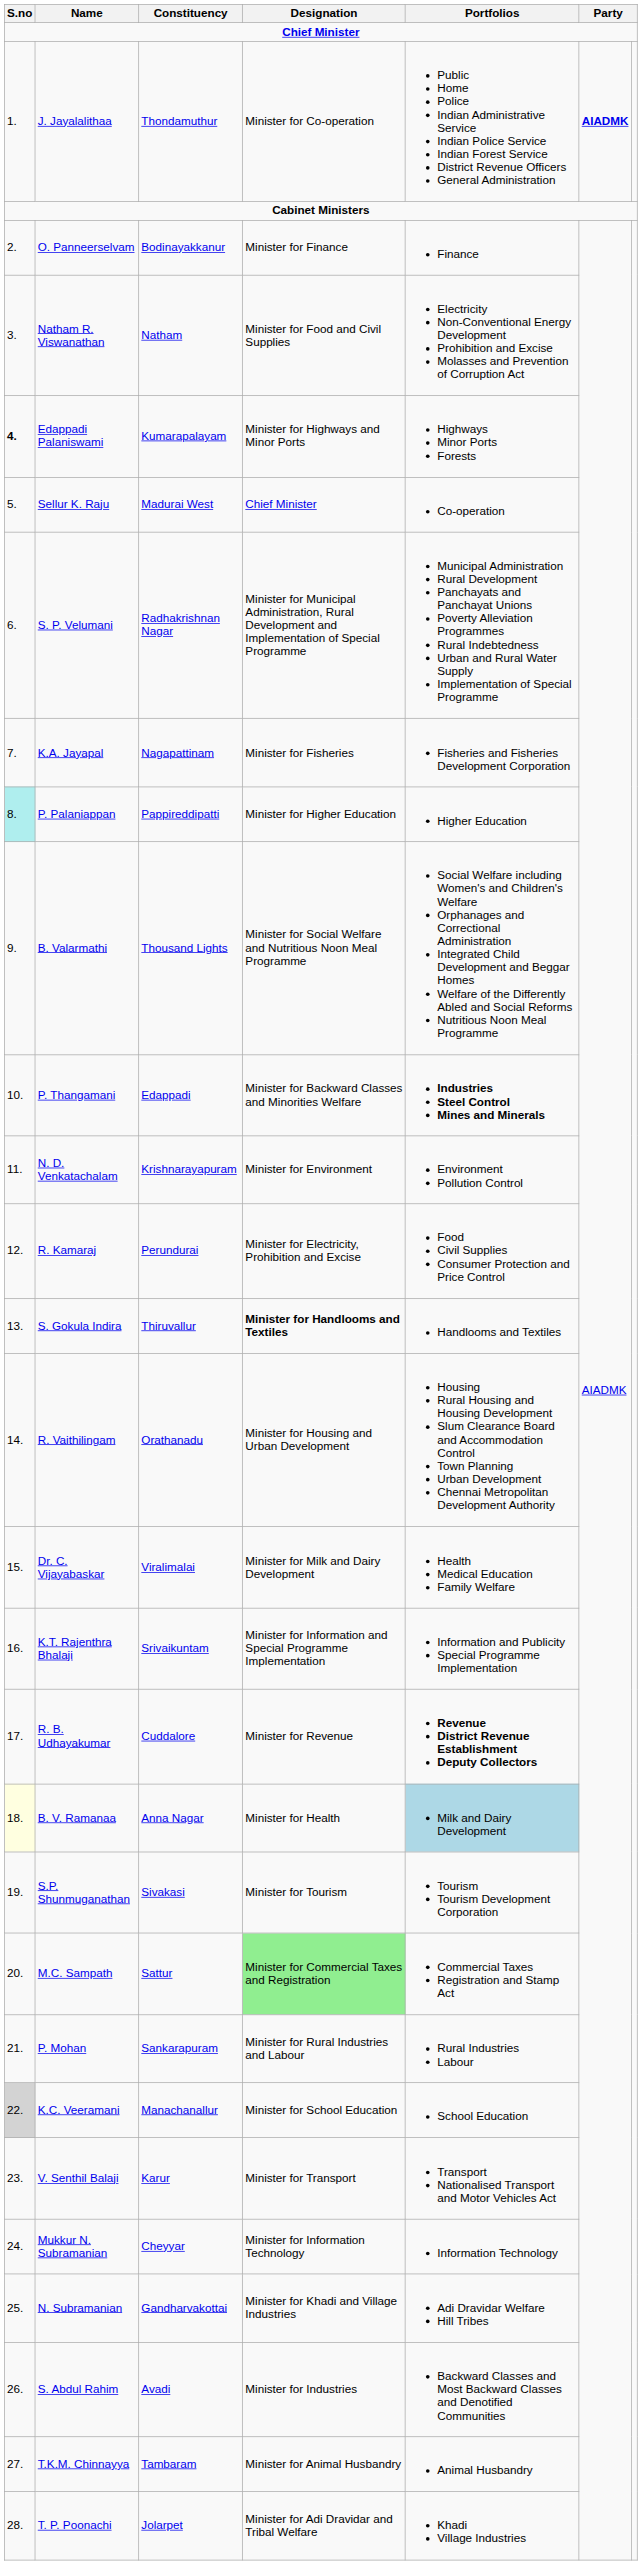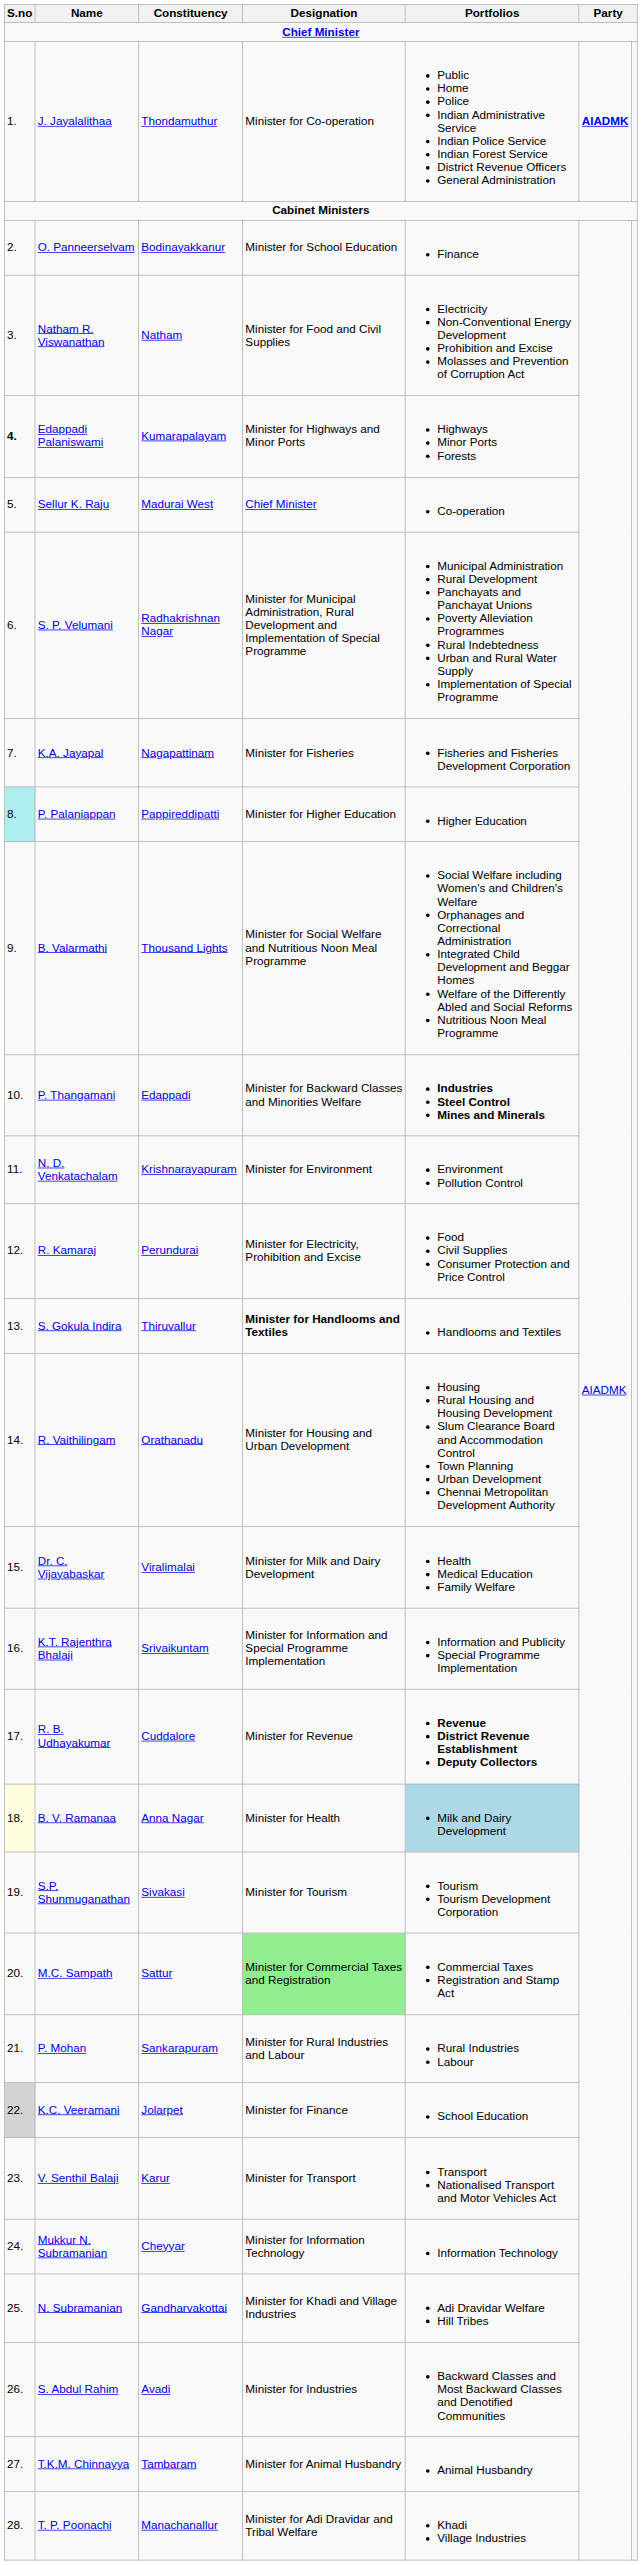 <table class="wikitable">
 <tr>
 <th>S.no</th>
 <th>Name</th>
 <th>Constituency</th>
 <th>Designation</th>
 <th>Portfolios</th>
 <th colspan="2" scope="col">Party</th>
 </tr>
 <tr>
 <td colspan="7" style="text-align: center;"><strong><a href='#'>Chief Minister</a></strong></td>
 </tr>
 <tr>
 <td>1.</td>
 <td><a href='#'>J. Jayalalithaa</a></td>
 <td><a href='#'>Thondamuthur</a></td>
 <td>Minister for Co-operation</td>
 <td><br><ul><li>Public</li><li>Home</li><li>Police</li><li>Indian Administrative Service</li><li>Indian Police Service</li><li>Indian Forest Service</li><li>District Revenue Officers</li><li>General Administration</li></ul></td>
 <td><strong><a href='#'>AIADMK</a></strong></td>
 <td width="1px" style="background-color: "></td>
 </tr>
 <tr>
 <td colspan="7" style="text-align: center;"><strong>Cabinet Ministers</strong></td>
 </tr>
 <tr>
 <td>2.</td>
 <td><a href='#'>O. Panneerselvam</a></td>
 <td><a href='#'>Bodinayakkanur</a></td>
-<td>Minister for Finance</td>
+<td>Minister for School Education</td>
 <td><br><ul><li>Finance</li></ul></td>
 <td rowspan="32"><a href='#'>AIADMK</a></td>
 <td rowspan="32" width="1px" style="background-color: "></td>
 </tr>
 <tr>
 <td>3.</td>
 <td><a href='#'>Natham R. Viswanathan</a></td>
 <td><a href='#'>Natham</a></td>
 <td>Minister for Food and Civil Supplies</td>
 <td><br><ul><li>Electricity</li><li>Non-Conventional Energy Development</li><li>Prohibition and Excise</li><li>Molasses and Prevention of Corruption Act</li></ul></td>
 </tr>
 <tr>
 <td><strong>4.</strong></td>
 <td><a href='#'>Edappadi Palaniswami</a></td>
 <td><a href='#'>Kumarapalayam</a></td>
 <td>Minister for Highways and Minor Ports</td>
 <td><br><ul><li>Highways</li><li>Minor Ports</li><li>Forests</li></ul></td>
 </tr>
 <tr>
 <td>5.</td>
 <td><a href='#'>Sellur K. Raju</a></td>
 <td><a href='#'>Madurai West</a></td>
 <td><a href='#'>Chief Minister</a></td>
 <td><br><ul><li>Co-operation</li></ul></td>
 </tr>
 <tr>
 <td>6.</td>
 <td><a href='#'>S. P. Velumani</a></td>
 <td><a href='#'>Radhakrishnan Nagar</a></td>
 <td>Minister for Municipal Administration, Rural Development and Implementation of Special Programme</td>
 <td><br><ul><li>Municipal Administration</li><li>Rural Development</li><li>Panchayats and Panchayat Unions</li><li>Poverty Alleviation Programmes</li><li>Rural Indebtedness</li><li>Urban and Rural Water Supply</li><li>Implementation of Special Programme</li></ul></td>
 </tr>
 <tr>
 <td>7.</td>
 <td><a href='#'>K.A. Jayapal</a></td>
 <td><a href='#'>Nagapattinam</a></td>
 <td>Minister for Fisheries</td>
 <td><br><ul><li>Fisheries and Fisheries Development Corporation</li></ul></td>
 </tr>
 <tr>
 <td style="background: paleturquoise;">8.</td>
 <td><a href='#'>P. Palaniappan</a></td>
 <td><a href='#'>Pappireddipatti</a></td>
 <td>Minister for Higher Education</td>
 <td><br><ul><li>Higher Education</li></ul></td>
 </tr>
 <tr>
 <td>9.</td>
 <td><a href='#'>B. Valarmathi</a></td>
 <td><a href='#'>Thousand Lights</a></td>
 <td>Minister for Social Welfare and Nutritious Noon Meal Programme</td>
 <td><br><ul><li>Social Welfare including Women's and Children's Welfare</li><li>Orphanages and Correctional Administration</li><li>Integrated Child Development and Beggar Homes</li><li>Welfare of the Differently Abled and Social Reforms</li><li>Nutritious Noon Meal Programme</li></ul></td>
 </tr>
 <tr>
 <td>10.</td>
 <td><a href='#'>P. Thangamani</a></td>
 <td><a href='#'>Edappadi</a></td>
 <td>Minister for Backward Classes and Minorities Welfare</td>
 <td><strong><br><ul><li>Industries</li><li>Steel Control</li><li>Mines and Minerals</li></ul></strong></td>
 </tr>
 <tr>
 <td>11.</td>
 <td><a href='#'>N. D. Venkatachalam</a></td>
 <td><a href='#'>Krishnarayapuram</a></td>
 <td>Minister for Environment</td>
 <td><br><ul><li>Environment</li><li>Pollution Control</li></ul></td>
 </tr>
 <tr>
 <td>12.</td>
 <td><a href='#'>R. Kamaraj</a></td>
 <td><a href='#'>Perundurai</a></td>
 <td>Minister for Electricity, Prohibition and Excise</td>
 <td><br><ul><li>Food</li><li>Civil Supplies</li><li>Consumer Protection and Price Control</li></ul></td>
 </tr>
 <tr>
 <td>13.</td>
 <td><a href='#'>S. Gokula Indira</a></td>
 <td><a href='#'>Thiruvallur</a></td>
 <td><strong>Minister for Handlooms and Textiles</strong></td>
 <td><br><ul><li>Handlooms and Textiles</li></ul></td>
 </tr>
 <tr>
 <td>14.</td>
 <td><a href='#'>R. Vaithilingam</a></td>
 <td><a href='#'>Orathanadu</a></td>
 <td>Minister for Housing and Urban Development</td>
 <td><br><ul><li>Housing</li><li>Rural Housing and Housing Development</li><li>Slum Clearance Board and Accommodation Control</li><li>Town Planning</li><li>Urban Development</li><li>Chennai Metropolitan Development Authority</li></ul></td>
 </tr>
 <tr>
 <td>15.</td>
 <td><a href='#'>Dr. C. Vijayabaskar</a></td>
 <td><a href='#'>Viralimalai</a></td>
 <td>Minister for Milk and Dairy Development</td>
 <td><br><ul><li>Health</li><li>Medical Education</li><li>Family Welfare</li></ul></td>
 </tr>
 <tr>
 <td>16.</td>
 <td><a href='#'>K.T. Rajenthra Bhalaji</a></td>
 <td><a href='#'>Srivaikuntam</a></td>
 <td>Minister for Information and Special Programme Implementation</td>
 <td><br><ul><li>Information and Publicity</li><li>Special Programme Implementation</li></ul></td>
 </tr>
 <tr>
 <td>17.</td>
 <td><a href='#'>R. B. Udhayakumar</a></td>
 <td><a href='#'>Cuddalore</a></td>
 <td>Minister for Revenue</td>
 <td><strong><br><ul><li>Revenue</li><li>District Revenue Establishment</li><li>Deputy Collectors</li></ul></strong></td>
 </tr>
 <tr>
 <td style="background: lightyellow;">18.</td>
 <td><a href='#'>B. V. Ramanaa</a></td>
 <td><a href='#'>Anna Nagar</a></td>
 <td>Minister for Health</td>
 <td style="background: lightblue;"><br><ul><li>Milk and Dairy Development</li></ul></td>
 </tr>
 <tr>
 <td>19.</td>
 <td><a href='#'>S.P. Shunmuganathan</a></td>
 <td><a href='#'>Sivakasi</a></td>
 <td>Minister for Tourism</td>
 <td><br><ul><li>Tourism</li><li>Tourism Development Corporation</li></ul></td>
 </tr>
 <tr>
 <td>20.</td>
 <td><a href='#'>M.C. Sampath</a></td>
 <td><a href='#'>Sattur</a></td>
 <td style="background: lightgreen;">Minister for Commercial Taxes and Registration</td>
 <td><br><ul><li>Commercial Taxes</li><li>Registration and Stamp Act</li></ul></td>
 </tr>
 <tr>
 <td>21.</td>
 <td><a href='#'>P. Mohan</a></td>
 <td><a href='#'>Sankarapuram</a></td>
 <td>Minister for Rural Industries and Labour</td>
 <td><br><ul><li>Rural Industries</li><li>Labour</li></ul></td>
 </tr>
 <tr>
 <td style="background: lightgrey;">22.</td>
 <td><a href='#'>K.C. Veeramani</a></td>
-<td><a href='#'>Manachanallur</a></td>
-<td>Minister for School Education</td>
+<td><a href='#'>Jolarpet</a></td>
+<td>Minister for Finance</td>
 <td><br><ul><li>School Education</li></ul></td>
 </tr>
 <tr>
 <td>23.</td>
 <td><a href='#'>V. Senthil Balaji</a></td>
 <td><a href='#'>Karur</a></td>
 <td>Minister for Transport</td>
 <td><br><ul><li>Transport</li><li>Nationalised Transport and Motor Vehicles Act</li></ul></td>
 </tr>
 <tr>
 <td>24.</td>
 <td><a href='#'>Mukkur N. Subramanian</a></td>
 <td><a href='#'>Cheyyar</a></td>
 <td>Minister for Information Technology</td>
 <td><br><ul><li>Information Technology</li></ul></td>
 </tr>
 <tr>
 <td>25.</td>
 <td><a href='#'>N. Subramanian</a></td>
 <td><a href='#'>Gandharvakottai</a></td>
 <td>Minister for Khadi and Village Industries</td>
 <td><br><ul><li>Adi Dravidar Welfare</li><li>Hill Tribes</li></ul></td>
 </tr>
 <tr>
 <td>26.</td>
 <td><a href='#'>S. Abdul Rahim</a></td>
 <td><a href='#'>Avadi</a></td>
 <td>Minister for Industries</td>
 <td><br><ul><li>Backward Classes and Most Backward Classes and Denotified Communities</li></ul></td>
 </tr>
 <tr>
 <td>27.</td>
 <td><a href='#'>T.K.M. Chinnayya</a></td>
 <td><a href='#'>Tambaram</a></td>
 <td>Minister for Animal Husbandry</td>
 <td><br><ul><li>Animal Husbandry</li></ul></td>
 </tr>
 <tr>
 <td>28.</td>
 <td><a href='#'>T. P. Poonachi</a></td>
-<td><a href='#'>Jolarpet</a></td>
+<td><a href='#'>Manachanallur</a></td>
 <td>Minister for Adi Dravidar and Tribal Welfare</td>
 <td><br><ul><li>Khadi</li><li>Village Industries</li></ul></td>
 </tr>
 </table>
